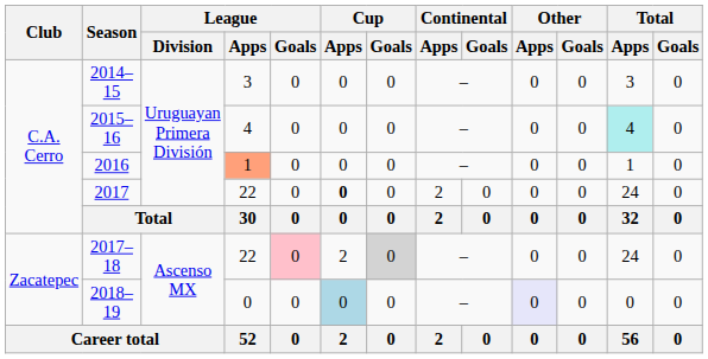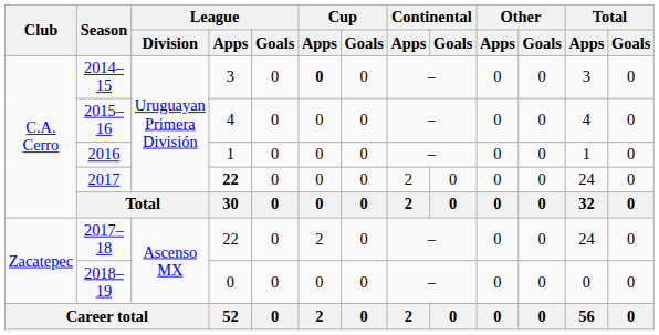 <table class="wikitable" style="text-align: center">
 <tr>
 <th rowspan="2">Club</th>
 <th rowspan="2">Season</th>
 <th colspan="3">League</th>
 <th colspan="2">Cup</th>
 <th colspan="2">Continental</th>
 <th colspan="2">Other</th>
 <th colspan="2">Total</th>
 </tr>
 <tr>
 <th>Division</th>
 <th>Apps</th>
 <th>Goals</th>
 <th>Apps</th>
 <th>Goals</th>
 <th>Apps</th>
 <th>Goals</th>
 <th>Apps</th>
 <th>Goals</th>
 <th>Apps</th>
 <th>Goals</th>
 </tr>
 <tr>
 <td rowspan="5"><a href='#'>C.A. Cerro</a></td>
 <td><a href='#'>2014–15</a></td>
 <td rowspan="4"><a href='#'>Uruguayan Primera División</a></td>
 <td>3</td>
 <td>0</td>
-<td>0</td>
+<td><strong>0</strong></td>
 <td>0</td>
 <td colspan="2">–</td>
 <td>0</td>
 <td>0</td>
 <td>3</td>
 <td>0</td>
 </tr>
 <tr>
 <td><a href='#'>2015–16</a></td>
 <td>4</td>
 <td>0</td>
 <td>0</td>
 <td>0</td>
 <td colspan="2">–</td>
 <td>0</td>
 <td>0</td>
-<td style="background: paleturquoise;">4</td>
+<td>4</td>
 <td>0</td>
 </tr>
 <tr>
 <td><a href='#'>2016</a></td>
-<td style="background: lightsalmon;">1</td>
+<td>1</td>
 <td>0</td>
 <td>0</td>
 <td>0</td>
 <td colspan="2">–</td>
 <td>0</td>
 <td>0</td>
 <td>1</td>
 <td>0</td>
 </tr>
 <tr>
 <td><a href='#'>2017</a></td>
-<td>22</td>
+<td><strong>22</strong></td>
 <td>0</td>
-<td><strong>0</strong></td>
+<td>0</td>
 <td>0</td>
 <td>2</td>
 <td>0</td>
 <td>0</td>
 <td>0</td>
 <td>24</td>
 <td>0</td>
 </tr>
 <tr>
 <th colspan="2"><strong>Total</strong></th>
 <th>30</th>
 <th>0</th>
 <th>0</th>
 <th>0</th>
 <th>2</th>
 <th>0</th>
 <th>0</th>
 <th>0</th>
 <th>32</th>
 <th>0</th>
 </tr>
 <tr>
 <td rowspan="2"><a href='#'>Zacatepec</a></td>
 <td><a href='#'>2017–18</a></td>
 <td rowspan="2"><a href='#'>Ascenso MX</a></td>
 <td>22</td>
-<td style="background: pink;">0</td>
+<td>0</td>
 <td>2</td>
-<td style="background: lightgrey;">0</td>
+<td>0</td>
 <td colspan="2">–</td>
 <td>0</td>
 <td>0</td>
 <td>24</td>
 <td>0</td>
 </tr>
 <tr>
 <td><a href='#'>2018–19</a></td>
 <td>0</td>
 <td>0</td>
-<td style="background: lightblue;">0</td>
+<td>0</td>
 <td>0</td>
 <td colspan="2">–</td>
-<td style="background: lavender;">0</td>
+<td>0</td>
 <td>0</td>
 <td>0</td>
 <td>0</td>
 </tr>
 <tr>
 <th colspan="3"><strong>Career total</strong></th>
 <th>52</th>
 <th>0</th>
 <th>2</th>
 <th>0</th>
 <th>2</th>
 <th>0</th>
 <th>0</th>
 <th>0</th>
 <th>56</th>
 <th>0</th>
 </tr>
 </table>
